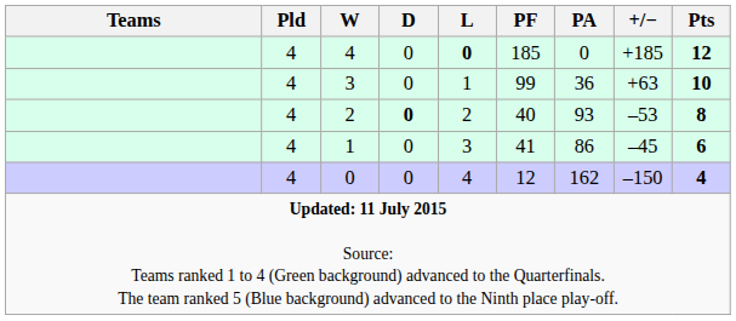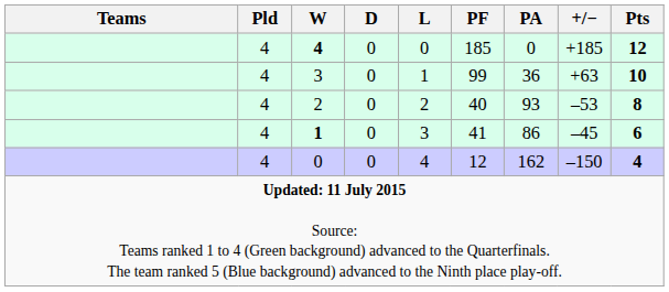 <table class="wikitable" style="text-align: center;">
 <tr>
 <th width="200">Teams</th>
 <th width="40">Pld</th>
 <th width="40">W</th>
 <th width="40">D</th>
 <th width="40">L</th>
 <th width="40">PF</th>
 <th width="40">PA</th>
 <th width="40">+/−</th>
 <th width="40">Pts</th>
 </tr>
 <tr bgcolor=#d8ffeb>
 <td align=left></td>
 <td>4</td>
-<td>4</td>
+<td><strong>4</strong></td>
 <td>0</td>
-<td><strong>0</strong></td>
+<td>0</td>
 <td>185</td>
 <td>0</td>
 <td>+185</td>
 <td><strong>12</strong></td>
 </tr>
 <tr bgcolor=#d8ffeb>
 <td align=left></td>
 <td>4</td>
 <td>3</td>
 <td>0</td>
 <td>1</td>
 <td>99</td>
 <td>36</td>
 <td>+63</td>
 <td><strong>10</strong></td>
 </tr>
 <tr bgcolor=#d8ffeb>
 <td align=left></td>
 <td>4</td>
 <td>2</td>
-<td><strong>0</strong></td>
+<td>0</td>
 <td>2</td>
 <td>40</td>
 <td>93</td>
 <td>–53</td>
 <td><strong>8</strong></td>
 </tr>
 <tr bgcolor=#d8ffeb>
 <td align=left></td>
 <td>4</td>
-<td>1</td>
+<td><strong>1</strong></td>
 <td>0</td>
 <td>3</td>
 <td>41</td>
 <td>86</td>
 <td>–45</td>
 <td><strong>6</strong></td>
 </tr>
 <tr bgcolor=#ccccff>
 <td align=left></td>
 <td>4</td>
 <td>0</td>
 <td>0</td>
 <td>4</td>
 <td>12</td>
 <td>162</td>
 <td>–150</td>
 <td><strong>4</strong></td>
 </tr>
 <tr bgcolor="#f9f9f9" align=center>
 <td colspan="15" style="border:0px"><small><strong>Updated: 11 July 2015</strong> <br></small><br><small>Source:</small><br>  <small>Teams ranked 1 to 4 <span>(Green background)</span> advanced to the Quarterfinals.<br></small>  <small>The team ranked 5 <span>(Blue background)</span> advanced to the Ninth place play-off.<br></small></td>
 </tr>
 </table>
